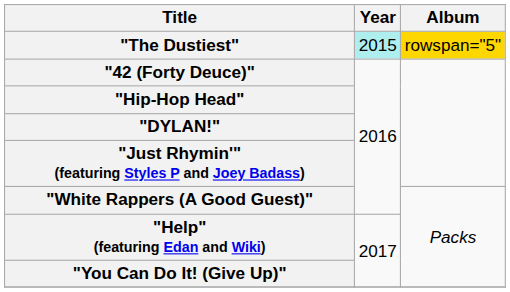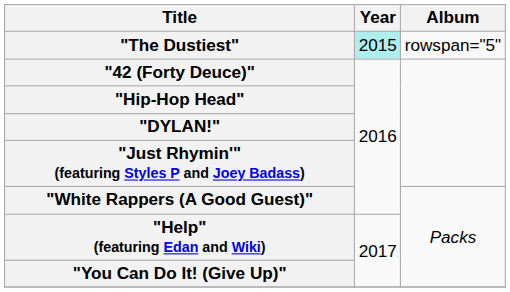 <table class="wikitable plainrowheaders" style="text-align:center;">
 <tr>
 <th scope="col" style="width:20em;">Title</th>
 <th scope="col" style="width:10px;">Year</th>
 <th scope="col">Album</th>
 </tr>
 <tr>
 <th scope="row">"The Dustiest"</th>
 <td style="background: paleturquoise;">2015</td>
-<td style="background: gold;">rowspan="5" </td>
+<td>rowspan="5" </td>
 </tr>
 <tr>
 <th scope="row">"42 (Forty Deuce)"</th>
 <td rowspan="5">2016</td>
 </tr>
 <tr>
 <th scope="row">"Hip-Hop Head"</th>
 </tr>
 <tr>
 <th scope="row">"DYLAN!"</th>
 </tr>
 <tr>
 <th scope="row">"Just Rhymin'"<br><small>(featuring <a href='#'>Styles P</a> and <a href='#'>Joey Badass</a>)</small></th>
 </tr>
 <tr>
 <th scope="row">"White Rappers (A Good Guest)"</th>
 <td rowspan="3"><em>Packs</em></td>
 </tr>
 <tr>
 <th scope="row">"Help"<br><small>(featuring <a href='#'>Edan</a> and <a href='#'>Wiki</a>)</small></th>
 <td rowspan="2">2017</td>
 </tr>
 <tr>
 <th scope="row">"You Can Do It! (Give Up)"</th>
 </tr>
 <tr>
 </tr>
 </table>
